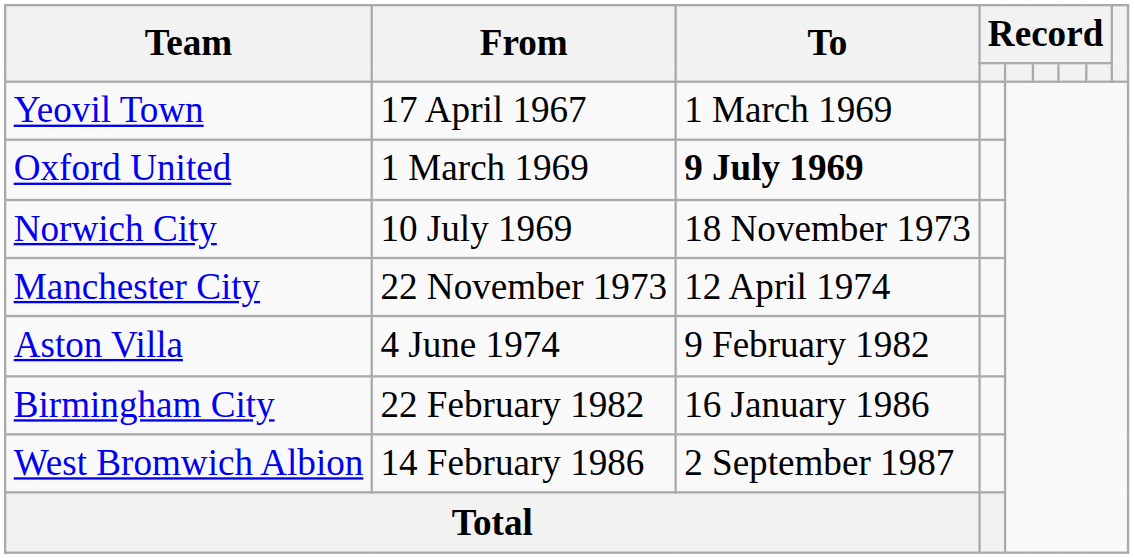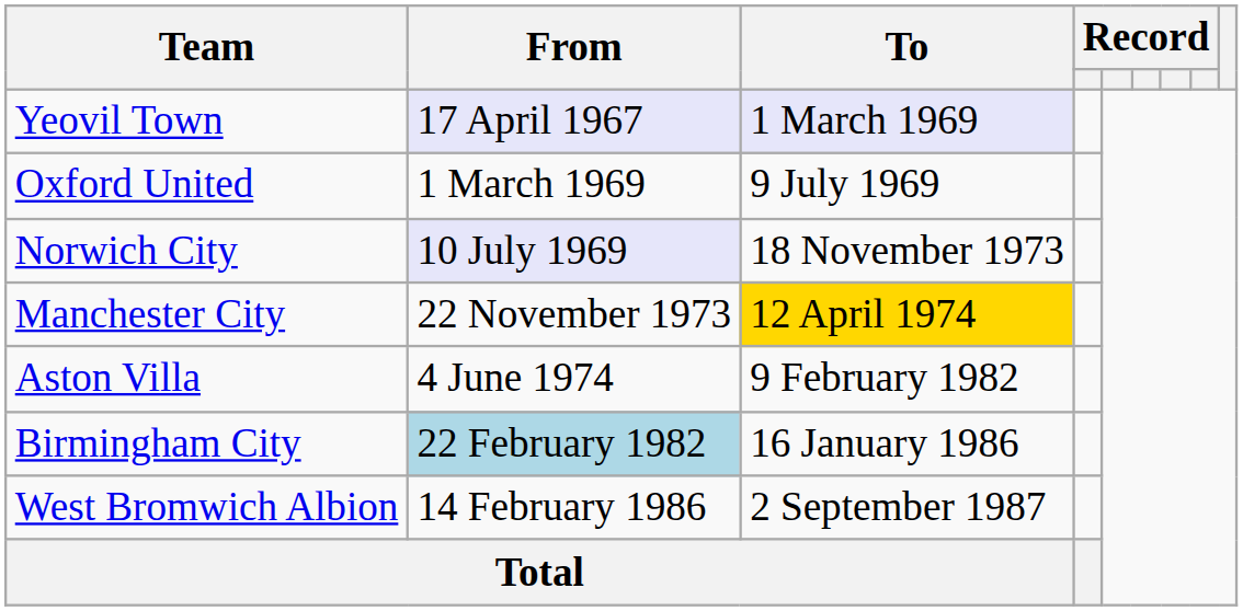 <table class=wikitable style="text-align: center">
 <tr>
 <th rowspan=2>Team</th>
 <th rowspan=2>From</th>
 <th rowspan=2>To</th>
 <th colspan=5>Record</th>
 <th rowspan=2></th>
 </tr>
 <tr>
 <th></th>
 <th></th>
 <th></th>
 <th></th>
 <th></th>
 </tr>
 <tr>
 <td align=left><a href='#'>Yeovil Town</a></td>
-<td align=left>17 April 1967</td>
-<td align=left>1 March 1969<br></td>
+<td align=left style="background: lavender;">17 April 1967</td>
+<td align=left style="background: lavender;">1 March 1969<br></td>
 <td></td>
 </tr>
 <tr>
 <td align=left><a href='#'>Oxford United</a></td>
 <td align=left>1 March 1969</td>
-<td align=left><strong>9 July 1969<br></strong></td>
+<td align=left>9 July 1969<br></td>
 <td></td>
 </tr>
 <tr>
 <td align=left><a href='#'>Norwich City</a></td>
-<td align=left>10 July 1969</td>
+<td align=left style="background: lavender;">10 July 1969</td>
 <td align=left>18 November 1973<br></td>
 <td></td>
 </tr>
 <tr>
 <td align=left><a href='#'>Manchester City</a></td>
 <td align=left>22 November 1973</td>
-<td align=left>12 April 1974<br></td>
+<td align=left style="background: gold;">12 April 1974<br></td>
 <td></td>
 </tr>
 <tr>
 <td align=left><a href='#'>Aston Villa</a></td>
 <td align=left>4 June 1974</td>
 <td align=left>9 February 1982<br></td>
 <td></td>
 </tr>
 <tr>
 <td align=left><a href='#'>Birmingham City</a></td>
-<td align=left>22 February 1982</td>
+<td align=left style="background: lightblue;">22 February 1982</td>
 <td align=left>16 January 1986<br></td>
 <td></td>
 </tr>
 <tr>
 <td align=left><a href='#'>West Bromwich Albion</a></td>
 <td align=left>14 February 1986</td>
 <td align=left>2 September 1987<br></td>
 <td></td>
 </tr>
 <tr>
 <th colspan=3>Total<br></th>
 <th></th>
 </tr>
 </table>
